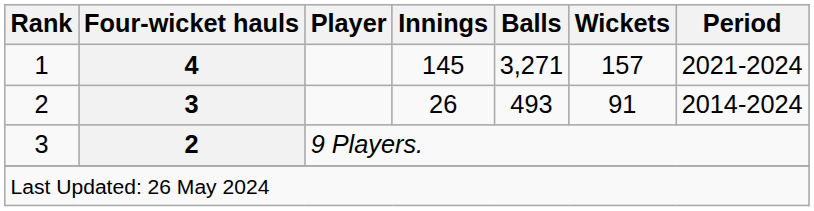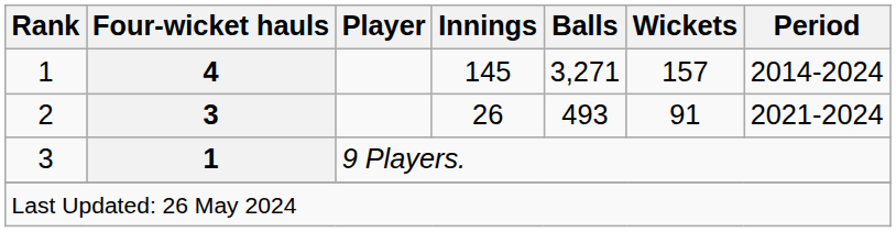 <table class="wikitable">
 <tr>
 <th style="text-align:center;">Rank</th>
 <th style="text-align:center;">Four-wicket hauls</th>
 <th style="text-align:center;">Player</th>
 <th style="text-align:center;">Innings</th>
 <th style="text-align:center;">Balls</th>
 <th style="text-align:center;">Wickets</th>
 <th style="text-align:center;">Period</th>
 </tr>
 <tr>
 <td align=center>1</td>
 <th scope=row style=text-align:center;>4</th>
 <td></td>
 <td align=center>145</td>
 <td align=center>3,271</td>
 <td align=center>157</td>
-<td>2021-2024</td>
+<td>2014-2024</td>
 </tr>
 <tr>
 <td align=center>2</td>
 <th scope=row style=text-align:center;>3</th>
 <td></td>
 <td align=center>26</td>
 <td align=center>493</td>
 <td align=center>91</td>
-<td>2014-2024</td>
+<td>2021-2024</td>
 </tr>
 <tr>
 <td align=center>3</td>
-<th scope=row style=text-align:center;>2</th>
+<th scope=row style=text-align:center;>1</th>
 <td colspan=5><em>9 Players.</em></td>
 </tr>
 <tr>
 </tr>
 <tr class=sortbottom>
 <td colspan=7><small>Last Updated: 26 May 2024</small></td>
 </tr>
 </table>
